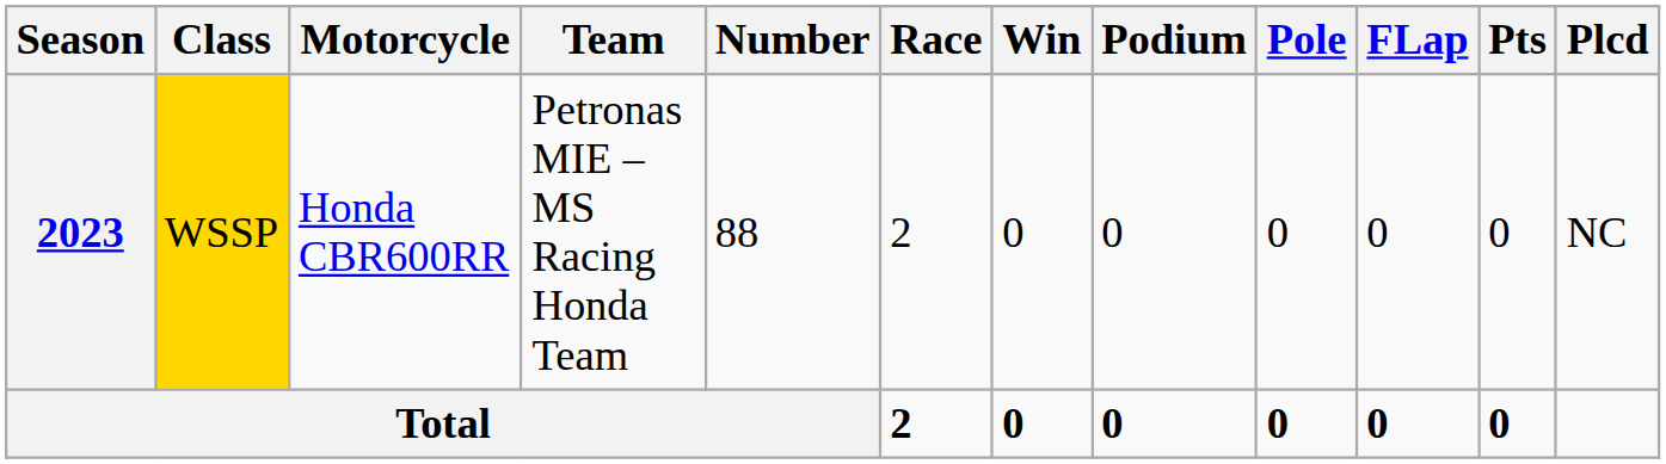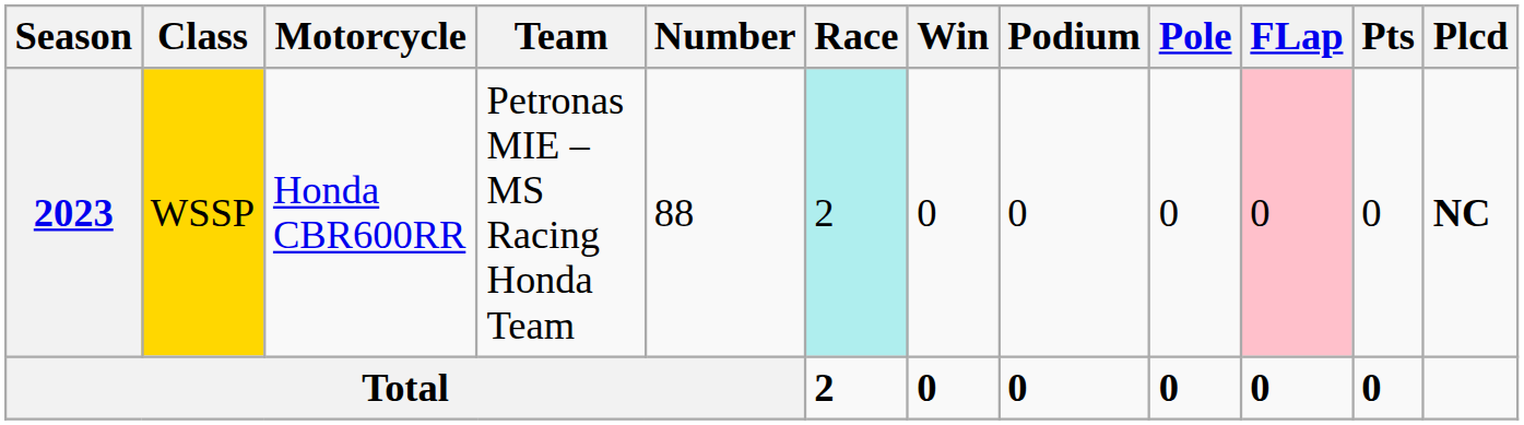 <table class="wikitable">
 <tr>
 <th>Season</th>
 <th>Class</th>
 <th>Motorcycle</th>
 <th>Team</th>
 <th>Number</th>
 <th>Race</th>
 <th>Win</th>
 <th>Podium</th>
 <th><a href='#'>Pole</a></th>
 <th><a href='#'>FLap</a></th>
 <th>Pts</th>
 <th>Plcd</th>
 </tr>
 <tr>
 <th><a href='#'>2023</a></th>
 <td style="background: gold;">WSSP</td>
 <td><a href='#'>Honda CBR600RR</a></td>
 <td>Petronas MIE – MS Racing Honda Team</td>
 <td>88</td>
-<td>2</td>
+<td style="background: paleturquoise;">2</td>
 <td>0</td>
 <td>0</td>
 <td>0</td>
+<td style="background: pink;">0</td>
 <td>0</td>
-<td>0</td>
-<td>NC</td>
+<td><strong>NC</strong></td>
 </tr>
 <tr>
 <th colspan=5>Total</th>
 <td><strong>2</strong></td>
 <td><strong>0</strong></td>
 <td><strong>0</strong></td>
 <td><strong>0</strong></td>
 <td><strong>0</strong></td>
 <td><strong>0</strong></td>
 <td></td>
 </tr>
 </table>
